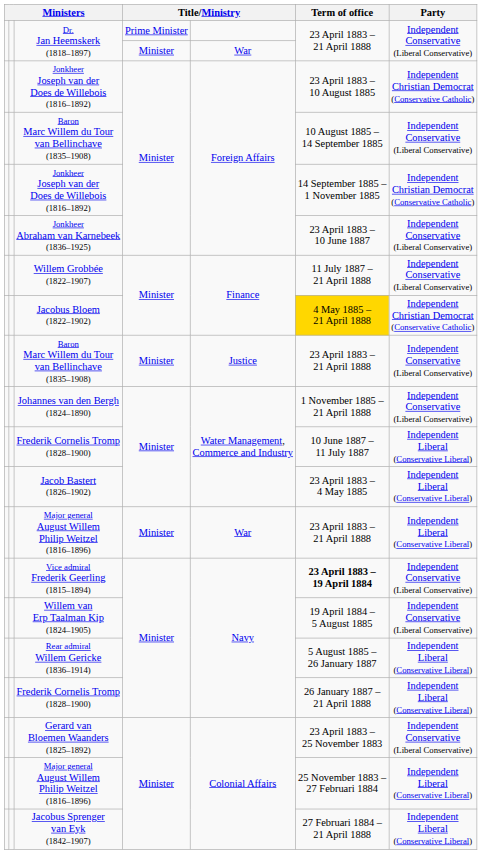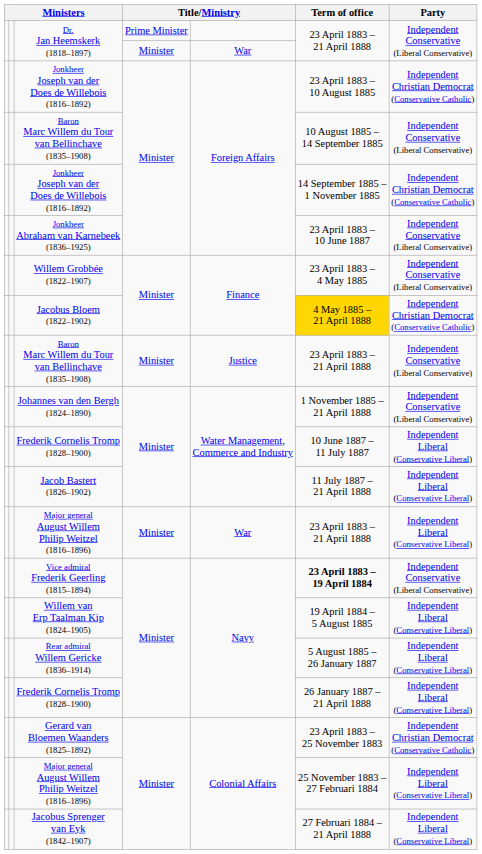 <table class="wikitable" style="text-align:center">
 <tr>
 <th colspan=3><a href='#'>Ministers</a></th>
 <th colspan=2>Title/<a href='#'>Ministry</a></th>
 <th>Term of office</th>
 <th>Party</th>
 </tr>
 <tr>
 <td rowspan=2 style="background:"></td>
 <td rowspan=2></td>
 <td rowspan=2><small><a href='#'>Dr.</a></small> <br> <a href='#'>Jan Heemskerk</a> <br> <small>(1818–1897)</small></td>
 <td><a href='#'>Prime Minister</a></td>
 <td></td>
 <td rowspan=2>23 April 1883 – <br> 21 April 1888</td>
 <td rowspan=2><a href='#'>Independent <br> Conservative</a> <br> <small>(Liberal Conservative)</small></td>
 </tr>
 <tr>
 <td><a href='#'>Minister</a></td>
 <td><a href='#'>War</a></td>
 </tr>
 <tr>
 <td style="background:"></td>
 <td></td>
 <td><small><a href='#'>Jonkheer</a></small> <br> <a href='#'>Joseph van der <br> Does de Willebois</a> <br> <small>(1816–1892)</small></td>
 <td rowspan=4><a href='#'>Minister</a></td>
 <td rowspan=4><a href='#'>Foreign Affairs</a></td>
 <td>23 April 1883 – <br> 10 August 1885 <br> </td>
 <td><a href='#'>Independent <br> Christian Democrat</a> <br> <small>(<a href='#'>Conservative Catholic</a>)</small></td>
 </tr>
 <tr>
 <td style="background:"></td>
 <td></td>
 <td><small><a href='#'>Baron</a></small> <br> <a href='#'>Marc Willem du Tour <br> van Bellinchave</a> <br> <small>(1835–1908)</small></td>
 <td>10 August 1885 – <br> 14 September 1885 <br> </td>
 <td><a href='#'>Independent <br> Conservative</a> <br> <small>(Liberal Conservative)</small></td>
 </tr>
 <tr>
 <td style="background:"></td>
 <td></td>
 <td><small><a href='#'>Jonkheer</a></small> <br> <a href='#'>Joseph van der <br> Does de Willebois</a> <br> <small>(1816–1892)</small></td>
 <td>14 September 1885 – <br> 1 November 1885 <br> </td>
 <td><a href='#'>Independent <br> Christian Democrat</a> <br> <small>(<a href='#'>Conservative Catholic</a>)</small></td>
 </tr>
 <tr>
 <td style="background:"></td>
 <td></td>
 <td><small><a href='#'>Jonkheer</a></small> <br> <a href='#'>Abraham van Karnebeek</a> <br> <small>(1836–1925)</small></td>
 <td>23 April 1883 – <br> 10 June 1887 <br> </td>
 <td><a href='#'>Independent <br> Conservative</a> <br> <small>(Liberal Conservative)</small></td>
 </tr>
 <tr>
 <td style="background:"></td>
 <td></td>
 <td><a href='#'>Willem Grobbée</a> <br> <small>(1822–1907)</small></td>
 <td rowspan=2><a href='#'>Minister</a></td>
 <td rowspan=2><a href='#'>Finance</a></td>
-<td>11 July 1887 – <br> 21 April 1888</td>
+<td>23 April 1883 – <br> 4 May 1885 <br> </td>
 <td><a href='#'>Independent <br> Conservative</a> <br> <small>(Liberal Conservative)</small></td>
 </tr>
 <tr>
 <td style="background:"></td>
 <td></td>
 <td><a href='#'>Jacobus Bloem</a> <br> <small>(1822–1902)</small></td>
 <td style="background: gold;">4 May 1885 – <br> 21 April 1888</td>
 <td><a href='#'>Independent <br> Christian Democrat</a> <br> <small>(<a href='#'>Conservative Catholic</a>)</small></td>
 </tr>
 <tr>
 <td style="background:"></td>
 <td></td>
 <td><small><a href='#'>Baron</a></small> <br> <a href='#'>Marc Willem du Tour <br> van Bellinchave</a> <br> <small>(1835–1908)</small></td>
 <td><a href='#'>Minister</a></td>
 <td><a href='#'>Justice</a></td>
 <td>23 April 1883 – <br> 21 April 1888</td>
 <td><a href='#'>Independent <br> Conservative</a> <br> <small>(Liberal Conservative)</small></td>
 </tr>
 <tr>
 <td style="background:"></td>
 <td></td>
 <td><a href='#'>Johannes van den Bergh</a> <br> <small>(1824–1890)</small></td>
 <td rowspan=3><a href='#'>Minister</a></td>
 <td rowspan=3><a href='#'>Water Management</a>, <br> <a href='#'>Commerce and Industry</a></td>
 <td>1 November 1885 – <br> 21 April 1888</td>
 <td><a href='#'>Independent <br> Conservative</a> <br> <small>(Liberal Conservative)</small></td>
 </tr>
 <tr>
 <td style="background:"></td>
 <td></td>
 <td><a href='#'>Frederik Cornelis Tromp</a> <br> <small>(1828–1900)</small></td>
 <td>10 June 1887 – <br> 11 July 1887 <br> </td>
 <td><a href='#'>Independent <br> Liberal</a> <br> <small>(<a href='#'>Conservative Liberal</a>)</small></td>
 </tr>
 <tr>
 <td style="background:"></td>
 <td></td>
 <td><a href='#'>Jacob Bastert</a> <br> <small>(1826–1902)</small></td>
-<td>23 April 1883 – <br> 4 May 1885 <br> </td>
+<td>11 July 1887 – <br> 21 April 1888</td>
 <td><a href='#'>Independent <br> Liberal</a> <br> <small>(<a href='#'>Conservative Liberal</a>)</small></td>
 </tr>
 <tr>
 <td style="background:"></td>
 <td></td>
 <td><small><a href='#'>Major general</a></small> <br> <a href='#'>August Willem <br> Philip Weitzel</a> <br> <small>(1816–1896)</small></td>
 <td><a href='#'>Minister</a></td>
 <td><a href='#'>War</a></td>
 <td>23 April 1883 – <br> 21 April 1888</td>
 <td><a href='#'>Independent <br> Liberal</a> <br> <small>(<a href='#'>Conservative Liberal</a>)</small></td>
 </tr>
 <tr>
 <td style="background:"></td>
 <td></td>
 <td><small><a href='#'>Vice admiral</a></small> <br> <a href='#'>Frederik Geerling</a> <br> <small>(1815–1894)</small></td>
 <td rowspan=4><a href='#'>Minister</a></td>
 <td rowspan=4><a href='#'>Navy</a></td>
 <td><strong>23 April 1883 – <br> 19 April 1884 <br> </strong></td>
 <td><a href='#'>Independent <br> Conservative</a> <br> <small>(Liberal Conservative)</small></td>
 </tr>
 <tr>
 <td style="background:"></td>
 <td></td>
 <td><a href='#'>Willem van <br> Erp Taalman Kip</a> <br> <small>(1824–1905)</small></td>
 <td>19 April 1884 – <br> 5 August 1885 <br> </td>
-<td><a href='#'>Independent <br> Conservative</a> <br> <small>(Liberal Conservative)</small></td>
+<td><a href='#'>Independent <br> Liberal</a> <br> <small>(<a href='#'>Conservative Liberal</a>)</small></td>
 </tr>
 <tr>
 <td style="background:"></td>
 <td></td>
 <td><small><a href='#'>Rear admiral</a></small> <br> <a href='#'>Willem Gericke</a> <br> <small>(1836–1914)</small></td>
 <td>5 August 1885 – <br> 26 January 1887 <br> </td>
 <td><a href='#'>Independent <br> Liberal</a> <br> <small>(<a href='#'>Conservative Liberal</a>)</small></td>
 </tr>
 <tr>
 <td style="background:"></td>
 <td></td>
 <td><a href='#'>Frederik Cornelis Tromp</a> <br> <small>(1828–1900)</small></td>
 <td>26 January 1887 – <br> 21 April 1888</td>
 <td><a href='#'>Independent <br> Liberal</a> <br> <small>(<a href='#'>Conservative Liberal</a>)</small></td>
 </tr>
 <tr>
 <td style="background:"></td>
 <td></td>
 <td><a href='#'>Gerard van <br> Bloemen Waanders</a> <br> <small>(1825–1892)</small></td>
 <td rowspan=3><a href='#'>Minister</a></td>
 <td rowspan=3><a href='#'>Colonial Affairs</a></td>
 <td>23 April 1883 – <br> 25 November 1883 <br> </td>
-<td><a href='#'>Independent <br> Conservative</a> <br> <small>(Liberal Conservative)</small></td>
+<td><a href='#'>Independent <br> Christian Democrat</a> <br> <small>(<a href='#'>Conservative Catholic</a>)</small></td>
 </tr>
 <tr>
 <td style="background:"></td>
 <td></td>
 <td><small><a href='#'>Major general</a></small> <br> <a href='#'>August Willem <br> Philip Weitzel</a> <br> <small>(1816–1896)</small></td>
 <td>25 November 1883 – <br> 27 Februari 1884 <br> </td>
 <td><a href='#'>Independent <br> Liberal</a> <br> <small>(<a href='#'>Conservative Liberal</a>)</small></td>
 </tr>
 <tr>
 <td style="background:"></td>
 <td></td>
 <td><a href='#'>Jacobus Sprenger <br> van Eyk</a> <br> <small>(1842–1907)</small></td>
 <td>27 Februari 1884 – <br> 21 April 1888</td>
 <td><a href='#'>Independent <br> Liberal</a> <br> <small>(<a href='#'>Conservative Liberal</a>)</small></td>
 </tr>
 </table>
